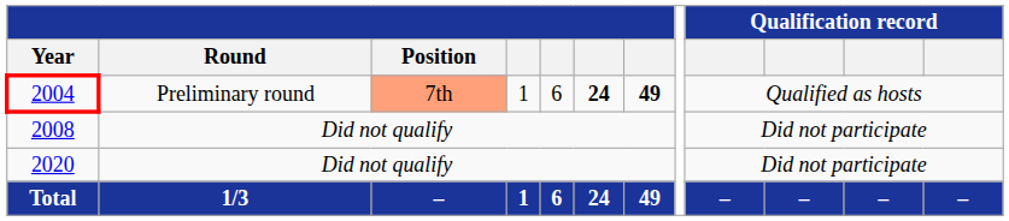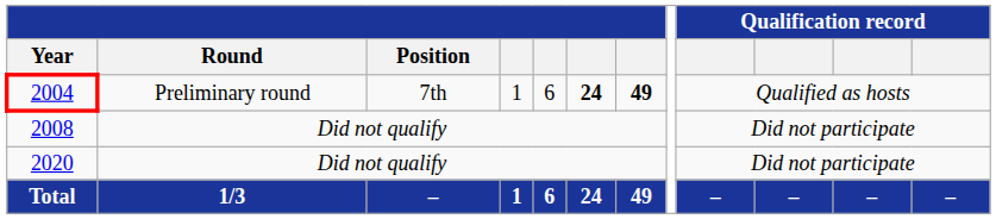 <table class="wikitable" style="text-align: center;">
 <tr>
 <th style="background:#1A3499;" colspan="7"><a href='#'></a></th>
 <th style="background:white; width:1%;" rowspan="9"></th>
 <th style="background:#1A3499; color:#FFFFFF;" colspan="5">Qualification record</th>
 </tr>
 <tr>
 <th>Year</th>
 <th>Round</th>
 <th>Position</th>
 <th></th>
 <th></th>
 <th></th>
 <th></th>
 <th></th>
 <th></th>
 <th></th>
 <th></th>
 </tr>
 <tr>
 <td style="border: 3px solid red"> <a href='#'>2004</a></td>
 <td>Preliminary round</td>
-<td style="background: lightsalmon;">7th</td>
+<td>7th</td>
 <td>1</td>
 <td>6</td>
 <td><strong>24</strong></td>
 <td><strong>49</strong></td>
 <td colspan=4><em>Qualified as hosts</em></td>
 </tr>
 <tr>
 <td> <a href='#'>2008</a></td>
 <td colspan=6><em>Did not qualify</em></td>
 <td colspan=4><em>Did not participate</em></td>
 </tr>
 <tr>
 <td> <a href='#'>2020</a></td>
 <td colspan=6><em>Did not qualify</em></td>
 <td colspan=4><em>Did not participate</em></td>
 </tr>
 <tr>
 <th style="color:#FFFFFF; background:#1A3499;">Total</th>
 <th style="color:#FFFFFF; background:#1A3499;">1/3</th>
 <th style="color:#FFFFFF; background:#1A3499;">–</th>
 <th style="color:#FFFFFF; background:#1A3499;">1</th>
 <th style="color:#FFFFFF; background:#1A3499;">6</th>
 <th style="color:#FFFFFF; background:#1A3499;">24</th>
 <th style="color:#FFFFFF; background:#1A3499;">49</th>
 <th style="color:#FFFFFF; background:#1A3499;">–</th>
 <th style="color:#FFFFFF; background:#1A3499;">–</th>
 <th style="color:#FFFFFF; background:#1A3499;">–</th>
 <th style="color:#FFFFFF; background:#1A3499;">–</th>
 </tr>
 </table>
